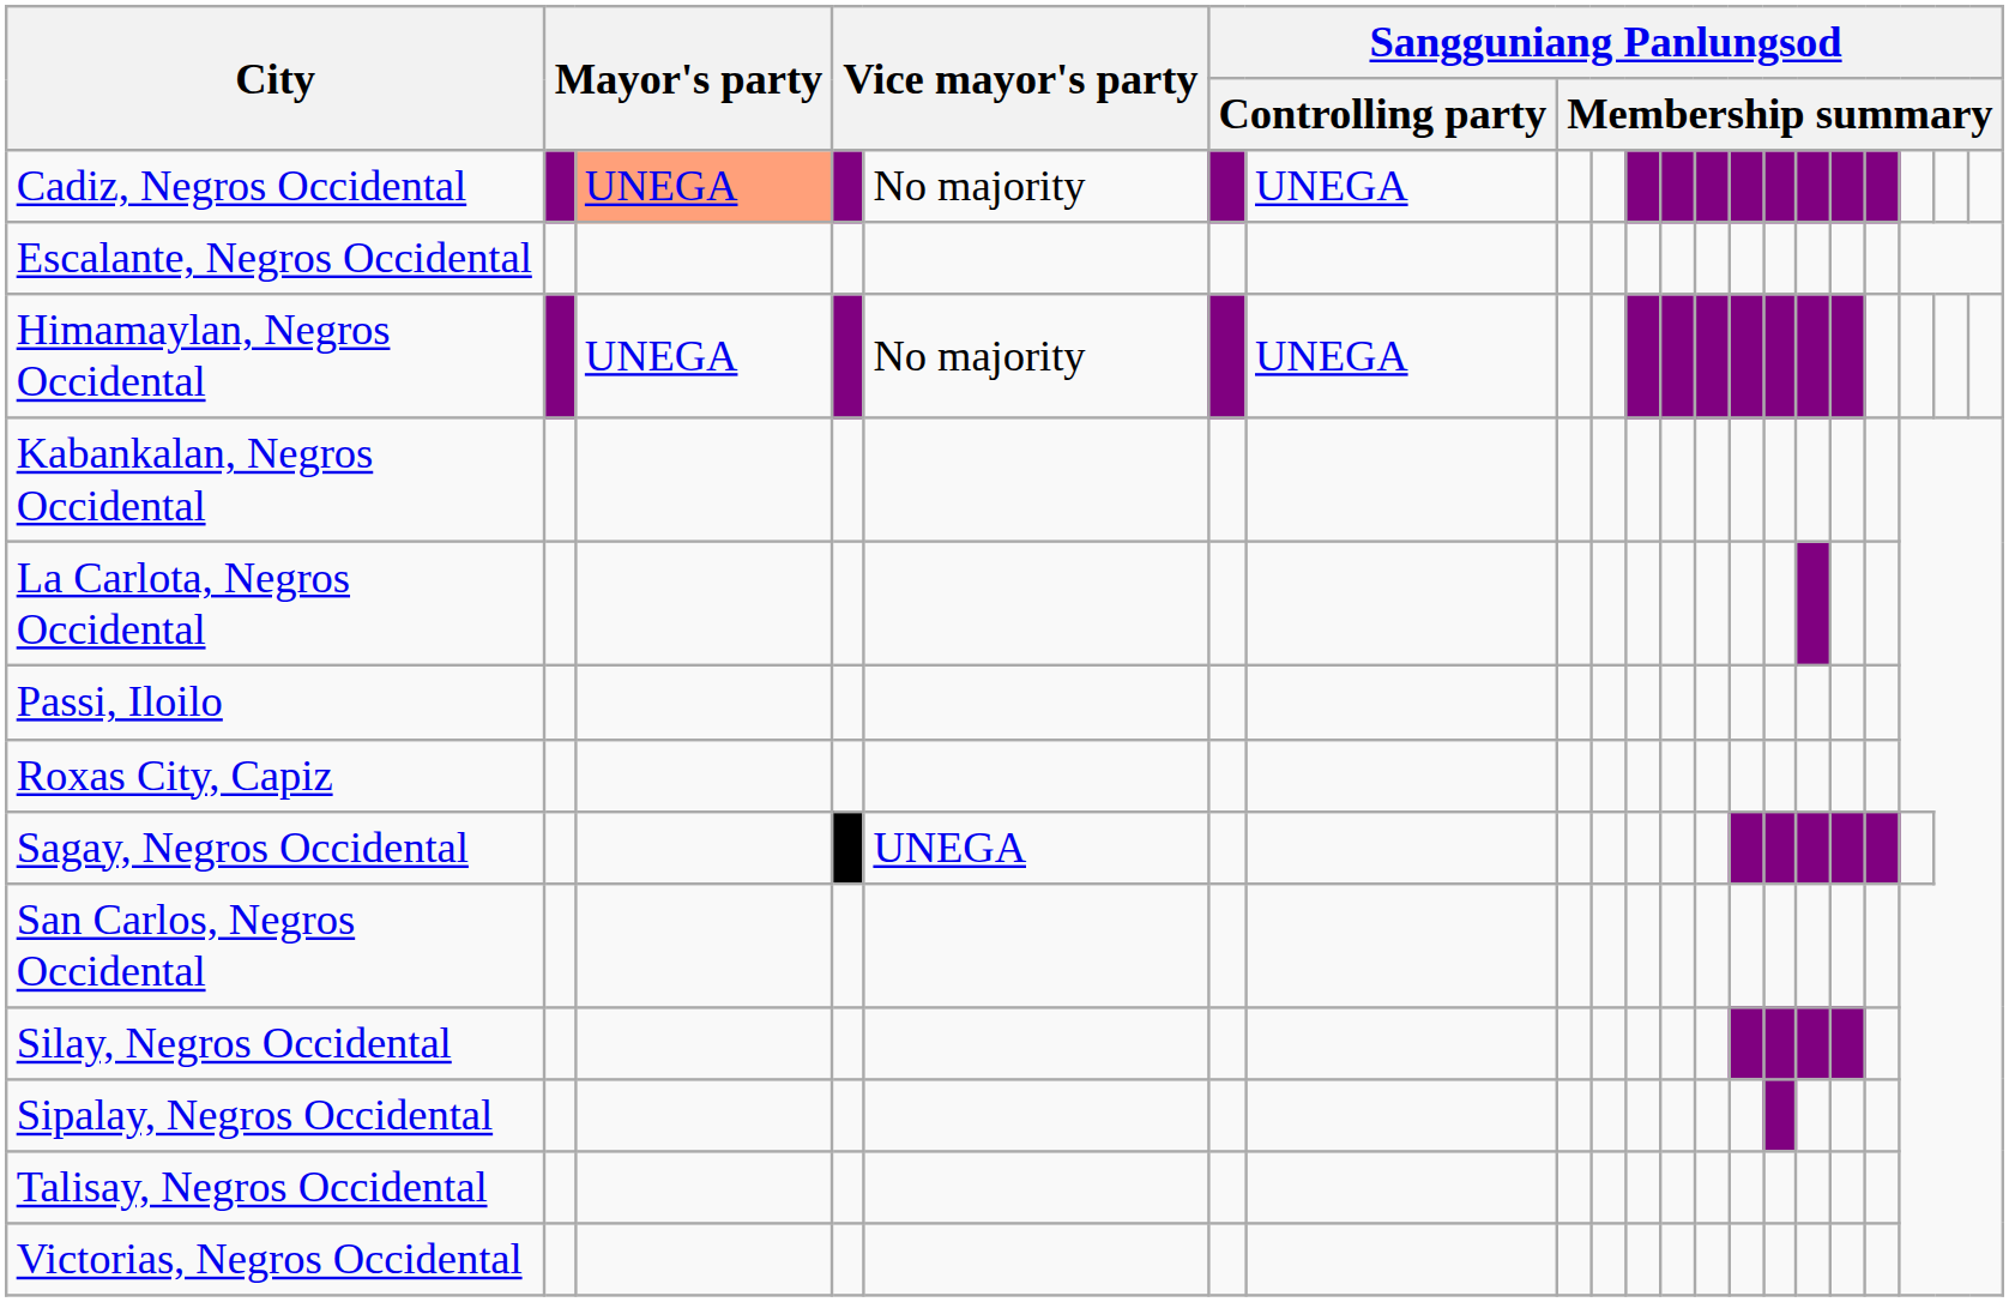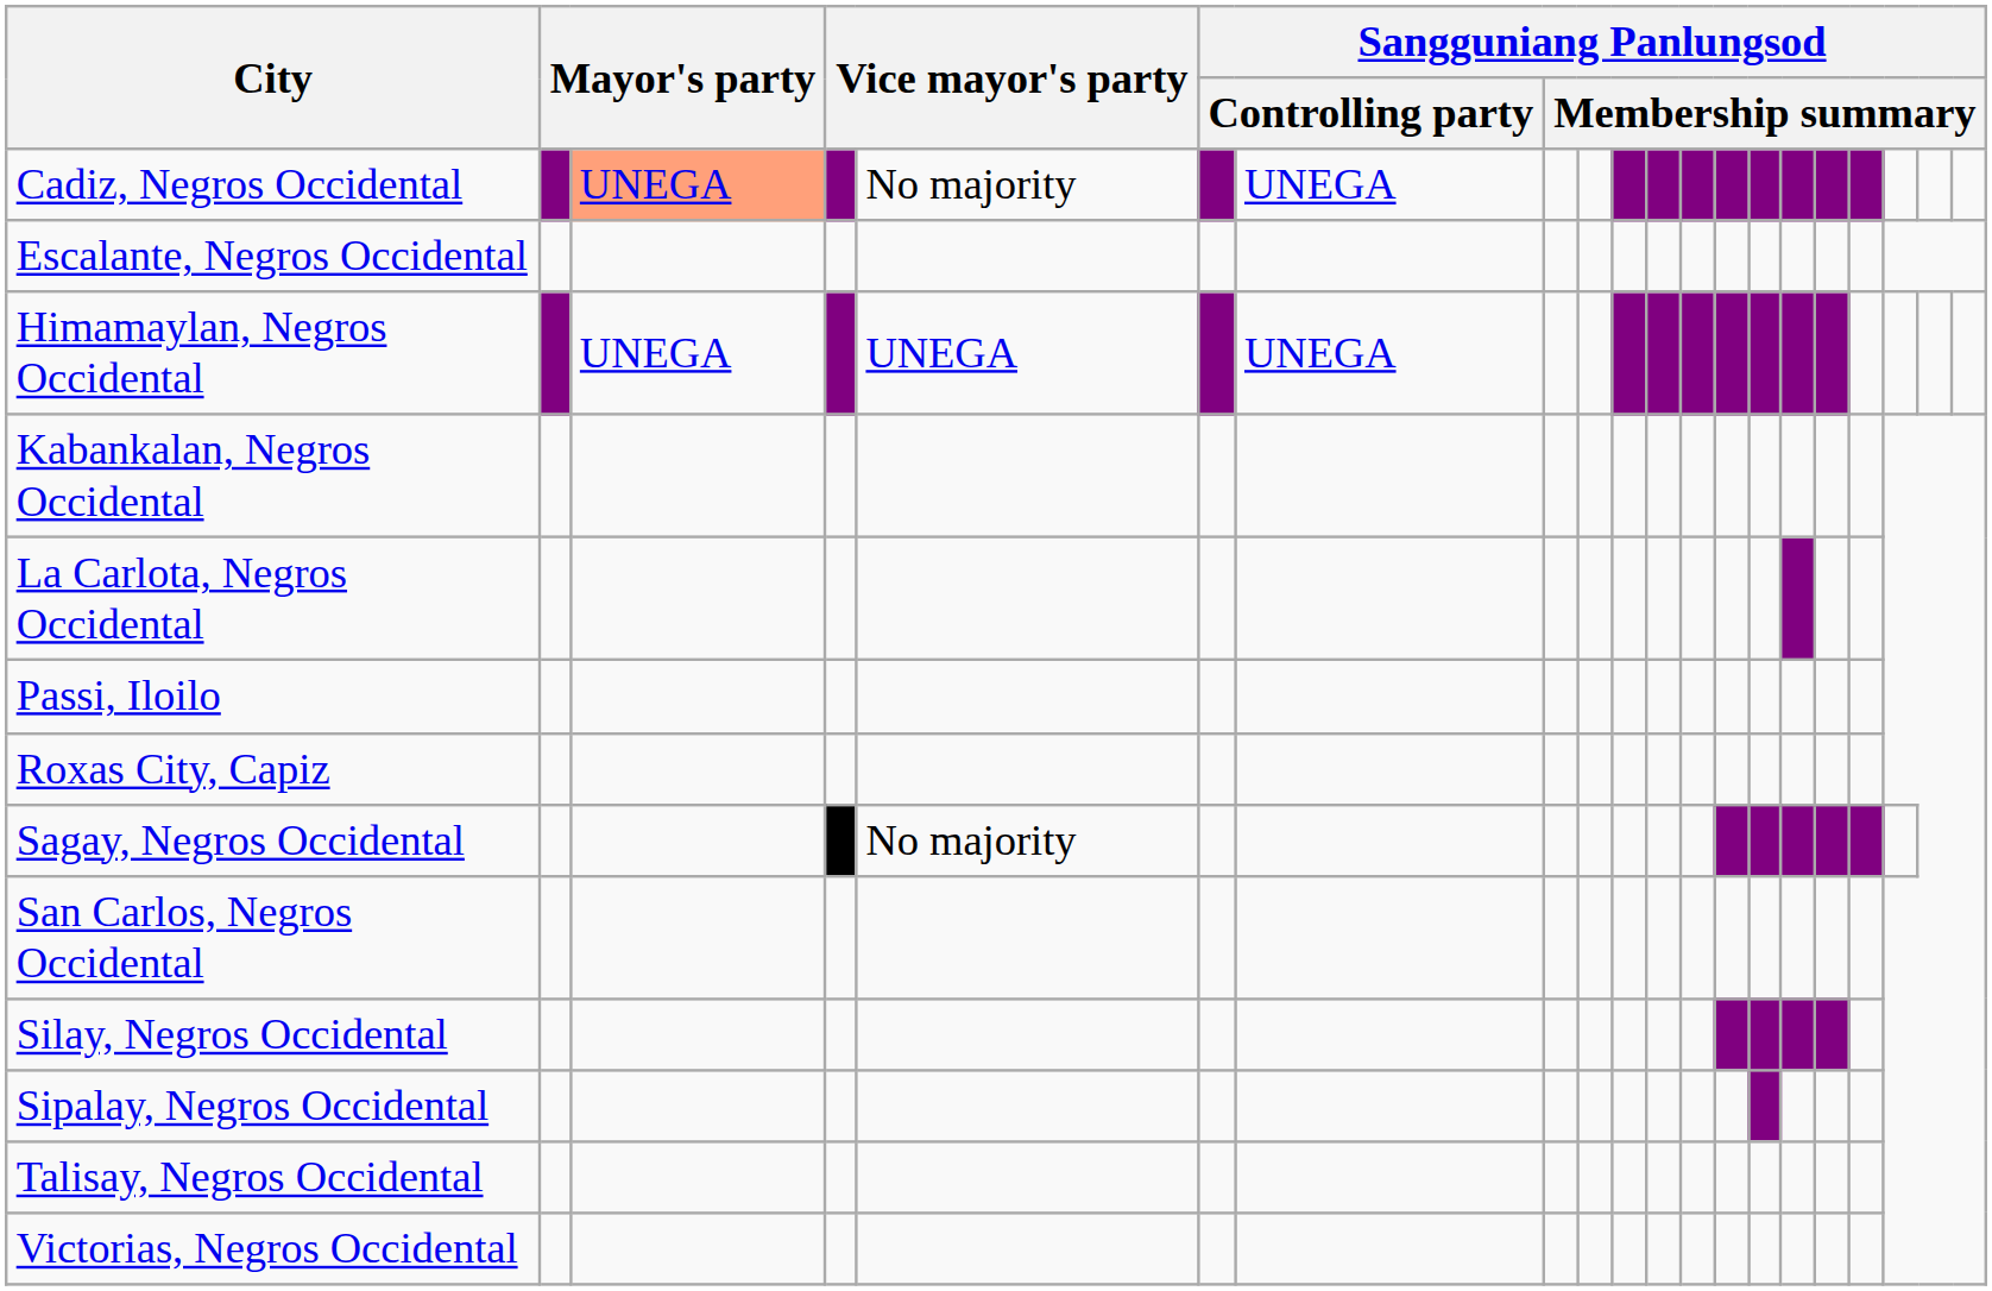 <table class="wikitable" style="font-size:95%;">
 <tr>
 <th width="180px" rowspan="2">City</th>
 <th colspan="2" rowspan="2">Mayor's party</th>
 <th colspan="2" rowspan="2">Vice mayor's party</th>
 <th colspan="15"><a href='#'>Sangguniang Panlungsod</a></th>
 </tr>
 <tr>
 <th colspan="2">Controlling party</th>
 <th colspan="13">Membership summary</th>
 </tr>
 <tr>
 <td><a href='#'>Cadiz, Negros Occidental</a></td>
 <td bgcolor=purple></td>
 <td style="background: lightsalmon;"><a href='#'>UNEGA</a></td>
 <td bgcolor=purple></td>
 <td>No majority</td>
 <td bgcolor="purple"></td>
 <td><a href='#'>UNEGA</a></td>
 <td> </td>
 <td> </td>
 <td bgcolor="purple"> </td>
 <td bgcolor="purple"> </td>
 <td bgcolor="purple"> </td>
 <td bgcolor="purple"> </td>
 <td bgcolor="purple"> </td>
 <td bgcolor="purple"> </td>
 <td bgcolor="purple"> </td>
 <td bgcolor="purple"> </td>
 <td> </td>
 <td> </td>
 <td> </td>
 </tr>
 <tr>
 <td><a href='#'>Escalante, Negros Occidental</a></td>
 <td></td>
 <td></td>
 <td></td>
 <td style="color:inherit;background:"></td>
 <td style="color:inherit;background:"></td>
 <td style="color:inherit;background:"></td>
 <td style="color:inherit;background:"></td>
 <td style="color:inherit;background:"></td>
 <td style="color:inherit;background:"></td>
 <td style="color:inherit;background:"></td>
 <td style="color:inherit;background:"></td>
 <td style="color:inherit;background:"></td>
 <td style="color:inherit;background:"></td>
 <td style="color:inherit;background:"></td>
 <td style="color:inherit;background:"></td>
 <td></td>
 </tr>
 <tr>
 <td><a href='#'>Himamaylan, Negros Occidental</a></td>
 <td bgcolor=purple></td>
 <td><a href='#'>UNEGA</a></td>
 <td bgcolor=purple></td>
-<td>No majority</td>
+<td><a href='#'>UNEGA</a></td>
 <td bgcolor="purple"></td>
 <td><a href='#'>UNEGA</a></td>
 <td style="color:inherit;background:"></td>
 <td style="color:inherit;background:"></td>
 <td bgcolor="purple"></td>
 <td bgcolor="purple"></td>
 <td bgcolor="purple"></td>
 <td bgcolor="purple"></td>
 <td bgcolor="purple"></td>
 <td bgcolor="purple"></td>
 <td bgcolor="purple"></td>
 <td style="color:inherit;background:"></td>
 <td style="color:inherit;background:"></td>
 <td style="color:inherit;background:"></td>
 <td></td>
 </tr>
 <tr>
 <td><a href='#'>Kabankalan, Negros Occidental</a></td>
 <td></td>
 <td></td>
 <td></td>
 <td style="color:inherit;background:"></td>
 <td style="color:inherit;background:"></td>
 <td style="color:inherit;background:"></td>
 <td style="color:inherit;background:"></td>
 <td style="color:inherit;background:"></td>
 <td style="color:inherit;background:"></td>
 <td style="color:inherit;background:"></td>
 <td style="color:inherit;background:"></td>
 <td style="color:inherit;background:"></td>
 <td style="color:inherit;background:"></td>
 <td style="color:inherit;background:"></td>
 <td style="color:inherit;background:"></td>
 <td style="color:inherit;background:"></td>
 </tr>
 <tr>
 <td><a href='#'>La Carlota, Negros Occidental</a></td>
 <td></td>
 <td></td>
 <td></td>
 <td style="color:inherit;background:"></td>
 <td style="color:inherit;background:"></td>
 <td style="color:inherit;background:"></td>
 <td style="color:inherit;background:"></td>
 <td style="color:inherit;background:"></td>
 <td style="color:inherit;background:"></td>
 <td style="color:inherit;background:"></td>
 <td style="color:inherit;background:"></td>
 <td style="color:inherit;background:"></td>
 <td style="color:inherit;background:"></td>
 <td bgcolor="purple"></td>
 <td style="color:inherit;background:"></td>
 <td></td>
 </tr>
 <tr>
 <td><a href='#'>Passi, Iloilo</a></td>
 <td></td>
 <td></td>
 <td></td>
 <td style="color:inherit;background:"></td>
 <td style="color:inherit;background:"></td>
 <td style="color:inherit;background:"></td>
 <td style="color:inherit;background:"></td>
 <td style="color:inherit;background:"></td>
 <td style="color:inherit;background:"></td>
 <td style="color:inherit;background:"></td>
 <td style="color:inherit;background:"></td>
 <td style="color:inherit;background:"></td>
 <td style="color:inherit;background:"></td>
 <td style="color:inherit;background:"></td>
 <td style="color:inherit;background:"></td>
 <td></td>
 </tr>
 <tr>
 <td><a href='#'>Roxas City, Capiz</a></td>
 <td></td>
 <td></td>
 <td></td>
 <td style="color:inherit;background:"></td>
 <td style="color:inherit;background:"></td>
 <td style="color:inherit;background:"></td>
 <td style="color:inherit;background:"></td>
 <td style="color:inherit;background:"></td>
 <td style="color:inherit;background:"></td>
 <td style="color:inherit;background:"></td>
 <td style="color:inherit;background:"></td>
 <td style="color:inherit;background:"></td>
 <td style="color:inherit;background:"></td>
 <td style="color:inherit;background:"></td>
 <td style="color:inherit;background:"></td>
 <td></td>
 </tr>
 <tr>
 <td><a href='#'>Sagay, Negros Occidental</a></td>
 <td></td>
 <td></td>
 <td bgcolor="black"></td>
-<td><a href='#'>UNEGA</a></td>
+<td>No majority</td>
 <td style="color:inherit;background:"></td>
 <td style="color:inherit;background:"></td>
 <td style="color:inherit;background:"></td>
 <td style="color:inherit;background:"></td>
 <td style="color:inherit;background:"></td>
 <td style="color:inherit;background:"></td>
 <td style="color:inherit;background:"></td>
 <td bgcolor="purple"></td>
 <td bgcolor="purple"></td>
 <td bgcolor="purple"></td>
 <td bgcolor="purple"></td>
 <td bgcolor="purple"></td>
 <td></td>
 </tr>
 <tr>
 <td><a href='#'>San Carlos, Negros Occidental</a></td>
 <td></td>
 <td></td>
 <td></td>
 <td style="color:inherit;background:"></td>
 <td style="color:inherit;background:"></td>
 <td style="color:inherit;background:"></td>
 <td style="color:inherit;background:"></td>
 <td style="color:inherit;background:"></td>
 <td style="color:inherit;background:"></td>
 <td style="color:inherit;background:"></td>
 <td style="color:inherit;background:"></td>
 <td style="color:inherit;background:"></td>
 <td style="color:inherit;background:"></td>
 <td style="color:inherit;background:"></td>
 <td style="color:inherit;background:"></td>
 <td></td>
 </tr>
 <tr>
 <td><a href='#'>Silay, Negros Occidental</a></td>
 <td></td>
 <td></td>
 <td></td>
 <td style="color:inherit;background:"></td>
 <td style="color:inherit;background:"></td>
 <td style="color:inherit;background:"></td>
 <td style="color:inherit;background:"></td>
 <td style="color:inherit;background:"></td>
 <td style="color:inherit;background:"></td>
 <td style="color:inherit;background:"></td>
 <td style="color:inherit;background:"></td>
 <td bgcolor="purple"></td>
 <td bgcolor="purple"></td>
 <td bgcolor="purple"></td>
 <td bgcolor="purple"></td>
 <td></td>
 </tr>
 <tr>
 <td><a href='#'>Sipalay, Negros Occidental</a></td>
 <td></td>
 <td></td>
 <td></td>
 <td style="color:inherit;background:"></td>
 <td style="color:inherit;background:"></td>
 <td style="color:inherit;background:"></td>
 <td style="color:inherit;background:"></td>
 <td style="color:inherit;background:"></td>
 <td style="color:inherit;background:"></td>
 <td style="color:inherit;background:"></td>
 <td style="color:inherit;background:"></td>
 <td style="color:inherit;background:"></td>
 <td bgcolor="purple"></td>
 <td style="color:inherit;background:"></td>
 <td style="color:inherit;background:"></td>
 <td></td>
 </tr>
 <tr>
 <td><a href='#'>Talisay, Negros Occidental</a></td>
 <td></td>
 <td></td>
 <td></td>
 <td style="color:inherit;background:"></td>
 <td style="color:inherit;background:"></td>
 <td style="color:inherit;background:"></td>
 <td style="color:inherit;background:"></td>
 <td style="color:inherit;background:"></td>
 <td style="color:inherit;background:"></td>
 <td style="color:inherit;background:"></td>
 <td style="color:inherit;background:"></td>
 <td style="color:inherit;background:"></td>
 <td style="color:inherit;background:"></td>
 <td style="color:inherit;background:"></td>
 <td style="color:inherit;background:"></td>
 <td></td>
 </tr>
 <tr>
 <td><a href='#'>Victorias, Negros Occidental</a></td>
 <td></td>
 <td></td>
 <td></td>
 <td style="color:inherit;background:"></td>
 <td style="color:inherit;background:"></td>
 <td style="color:inherit;background:"></td>
 <td style="color:inherit;background:"></td>
 <td style="color:inherit;background:"></td>
 <td style="color:inherit;background:"></td>
 <td style="color:inherit;background:"></td>
 <td style="color:inherit;background:"></td>
 <td style="color:inherit;background:"></td>
 <td style="color:inherit;background:"></td>
 <td style="color:inherit;background:"></td>
 <td style="color:inherit;background:"></td>
 <td></td>
 </tr>
 </table>
